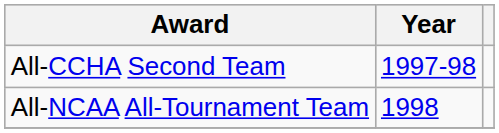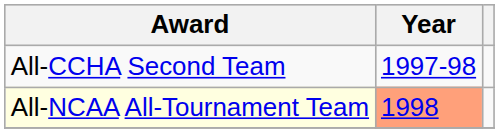 <table class="wikitable">
 <tr>
 <th>Award</th>
 <th>Year</th>
 <th></th>
 </tr>
 <tr>
 <td>All-<a href='#'>CCHA</a> <a href='#'>Second Team</a></td>
 <td><a href='#'>1997-98</a></td>
 <td></td>
 </tr>
 <tr>
-<td>All-<a href='#'>NCAA</a> <a href='#'>All-Tournament Team</a></td>
-<td><a href='#'>1998</a></td>
+<td style="background: lightyellow;">All-<a href='#'>NCAA</a> <a href='#'>All-Tournament Team</a></td>
+<td style="background: lightsalmon;"><a href='#'>1998</a></td>
 <td></td>
 </tr>
 <tr>
 </tr>
 </table>
